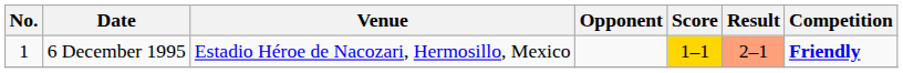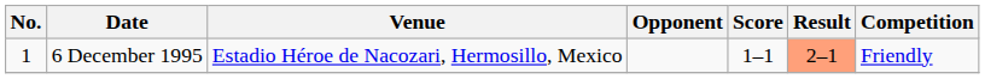 <table class="wikitable sortable">
 <tr>
 <th scope="col">No.</th>
 <th scope="col">Date</th>
 <th scope="col">Venue</th>
 <th scope="col">Opponent</th>
 <th scope="col">Score</th>
 <th scope="col">Result</th>
 <th scope="col">Competition</th>
 </tr>
 <tr>
 <td align=center>1</td>
 <td>6 December 1995</td>
 <td><a href='#'>Estadio Héroe de Nacozari</a>, <a href='#'>Hermosillo</a>, Mexico</td>
 <td></td>
-<td align=center style="background: gold;">1–1</td>
+<td align=center>1–1</td>
 <td align=center style="background: lightsalmon;">2–1</td>
-<td><strong><a href='#'>Friendly</a></strong></td>
+<td><a href='#'>Friendly</a></td>
 </tr>
 <tr>
 </tr>
 </table>
